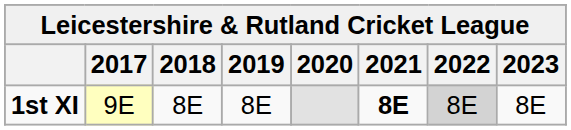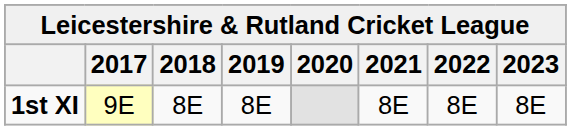 <table class="wikitable" style="font-size:85%">
 <tr>
 <td colspan=8; style="background:#f0f0f0; text-align: center; font-weight: bold;">Leicestershire & Rutland Cricket League</td>
 </tr>
 <tr>
 <th></th>
 <th style="text-align: center; font-weight: bold;">2017</th>
 <th style="text-align: center; font-weight: bold;">2018</th>
 <th style="text-align: center; font-weight: bold;">2019</th>
 <th style="text-align: center; font-weight: bold;">2020</th>
 <th style="text-align: center; font-weight: bold;">2021</th>
 <th style="text-align: center; font-weight: bold;">2022</th>
 <th style="text-align: center; font-weight: bold;">2023</th>
 </tr>
 <tr>
 <td style="text-align: right; font-weight: bold;">1st XI</td>
 <td style="background:#ffffbf; text-align: center;">9E</td>
 <td style="text-align: center;">8E</td>
 <td style="text-align: center;">8E</td>
 <td style="background:#e2e2e2; text-align: center;"></td>
-<td style="text-align: center;"><strong>8E</strong></td>
-<td style="background: lightgrey; text-align: center;">8E</td>
+<td style="text-align: center;">8E</td>
+<td style="text-align: center;">8E</td>
 <td style="text-align: center;">8E</td>
 </tr>
 </table>
